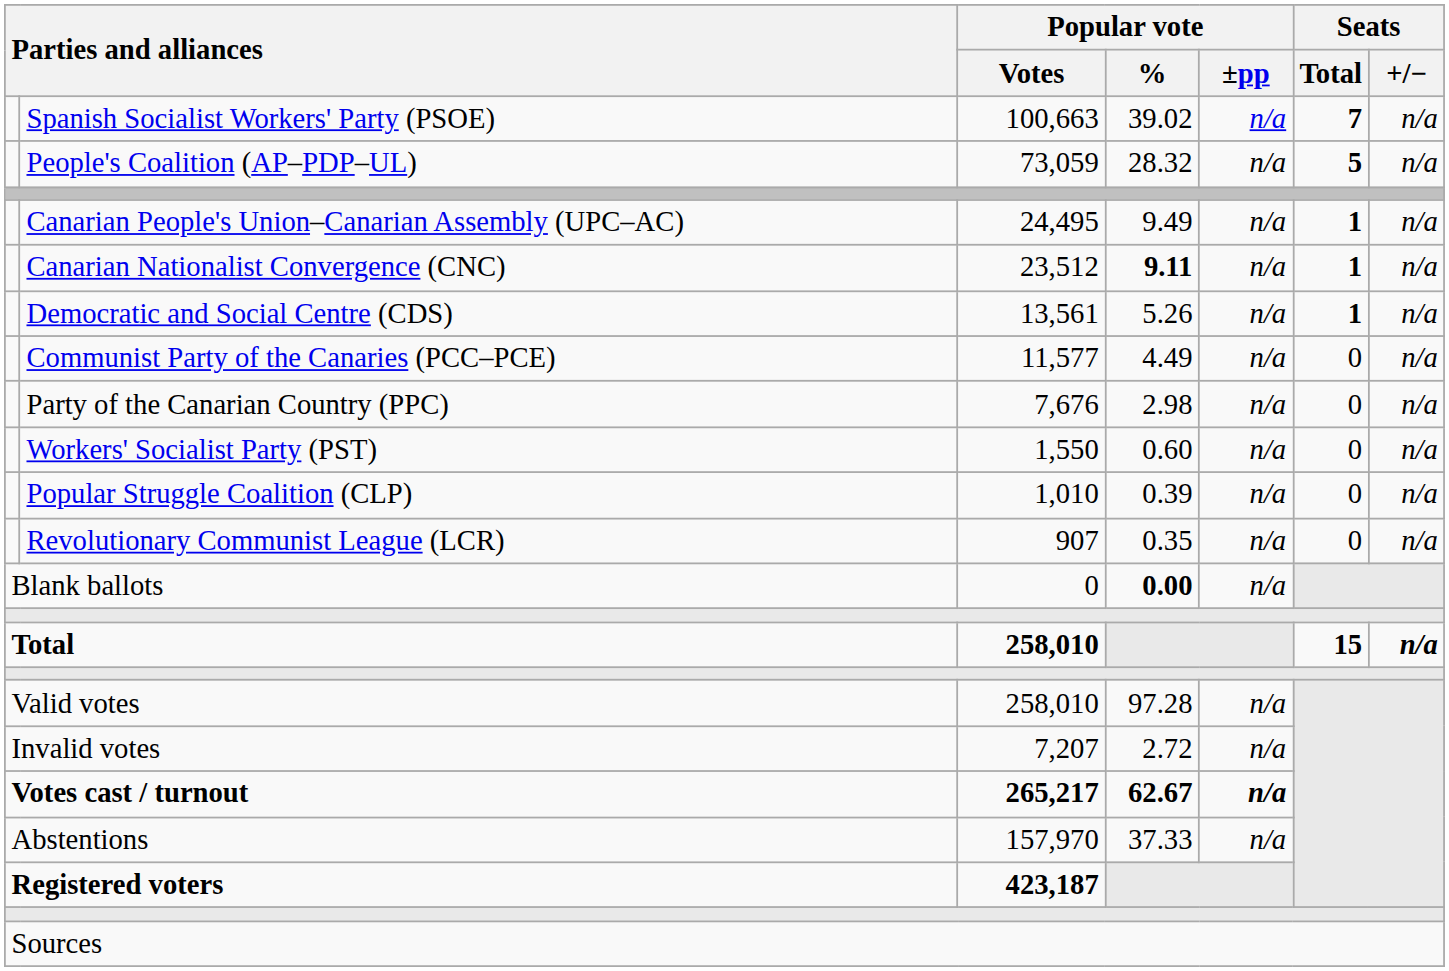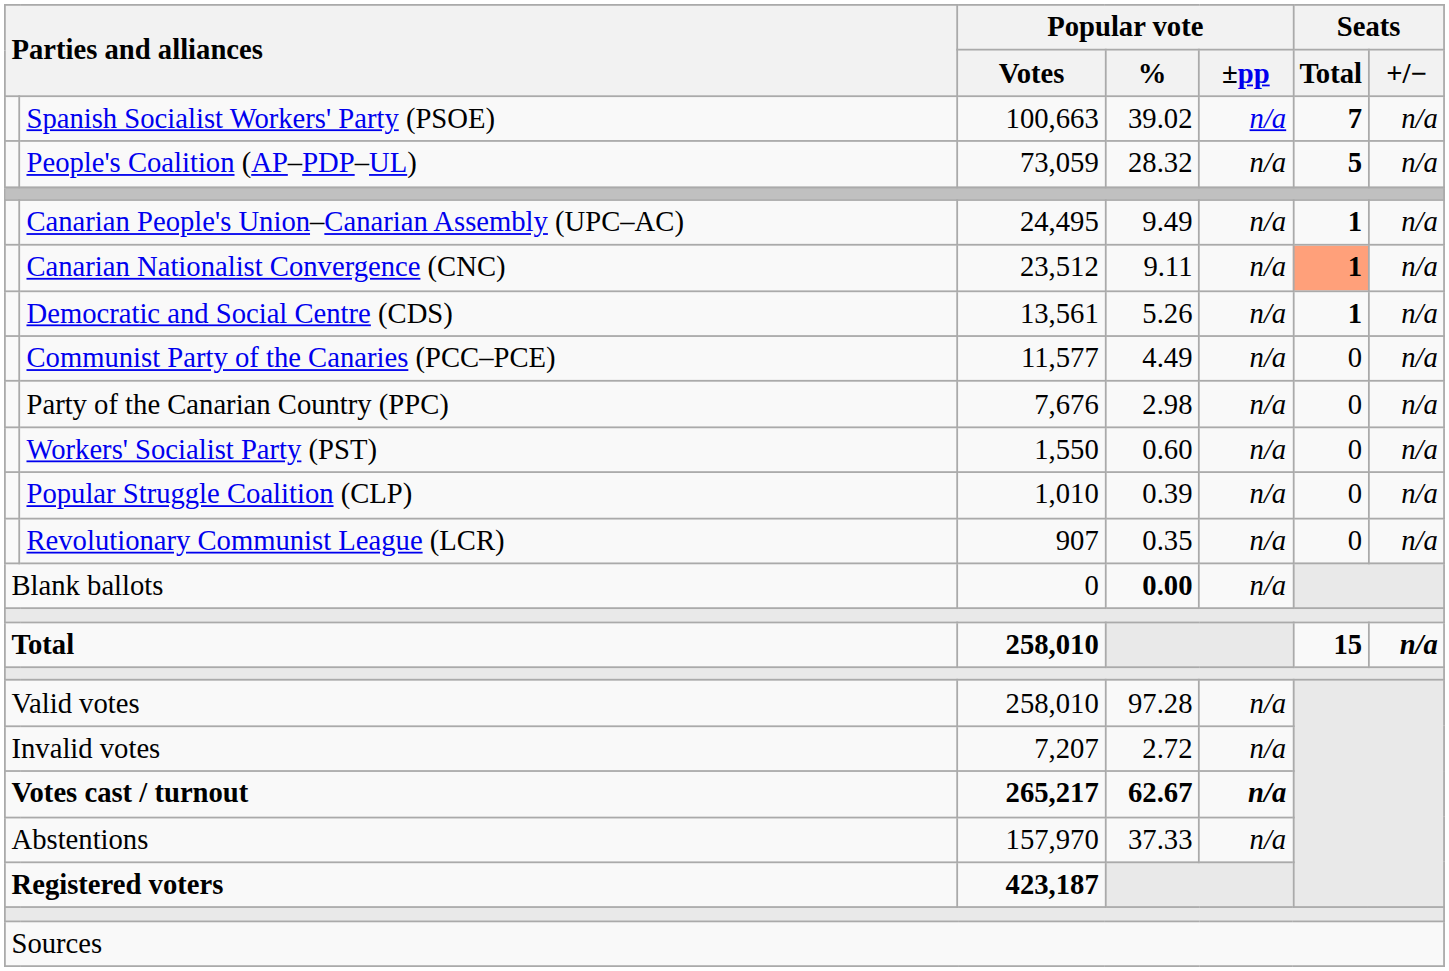 <table class="wikitable" style="text-align:right;">
 <tr>
 <th style="text-align:left;" rowspan="2" colspan="2" width="525">Parties and alliances</th>
 <th colspan="3">Popular vote</th>
 <th colspan="2">Seats</th>
 </tr>
 <tr>
 <th width="75">Votes</th>
 <th width="45">%</th>
 <th width="45">±<a href='#'>pp</a></th>
 <th width="35">Total</th>
 <th width="35">+/−</th>
 </tr>
 <tr>
 <td width="1" style="color:inherit;background:"></td>
 <td align="left"><a href='#'>Spanish Socialist Workers' Party</a> (PSOE)</td>
 <td>100,663</td>
 <td>39.02</td>
 <td><em><a href='#'>n/a</a></em></td>
 <td><strong>7</strong></td>
 <td><em>n/a</em></td>
 </tr>
 <tr>
 <td style="color:inherit;background:"></td>
 <td align="left"><a href='#'>People's Coalition</a> (<a href='#'>AP</a>–<a href='#'>PDP</a>–<a href='#'>UL</a>)</td>
 <td>73,059</td>
 <td>28.32</td>
 <td><em>n/a</em></td>
 <td><strong>5</strong></td>
 <td><em>n/a</em></td>
 </tr>
 <tr>
 <td colspan="7" bgcolor="#C0C0C0"></td>
 </tr>
 <tr>
 <td style="color:inherit;background:"></td>
 <td align="left"><a href='#'>Canarian People's Union</a>–<a href='#'>Canarian Assembly</a> (UPC–AC)</td>
 <td>24,495</td>
 <td>9.49</td>
 <td><em>n/a</em></td>
 <td><strong>1</strong></td>
 <td><em>n/a</em></td>
 </tr>
 <tr>
 <td style="color:inherit;background:"></td>
 <td align="left"><a href='#'>Canarian Nationalist Convergence</a> (CNC)</td>
 <td>23,512</td>
-<td><strong>9.11</strong></td>
+<td>9.11</td>
 <td><em>n/a</em></td>
-<td><strong>1</strong></td>
+<td style="background: lightsalmon;"><strong>1</strong></td>
 <td><em>n/a</em></td>
 </tr>
 <tr>
 <td style="color:inherit;background:"></td>
 <td align="left"><a href='#'>Democratic and Social Centre</a> (CDS)</td>
 <td>13,561</td>
 <td>5.26</td>
 <td><em>n/a</em></td>
 <td><strong>1</strong></td>
 <td><em>n/a</em></td>
 </tr>
 <tr>
 <td style="color:inherit;background:"></td>
 <td align="left"><a href='#'>Communist Party of the Canaries</a> (PCC–PCE)</td>
 <td>11,577</td>
 <td>4.49</td>
 <td><em>n/a</em></td>
 <td>0</td>
 <td><em>n/a</em></td>
 </tr>
 <tr>
 <td style="color:inherit;background:"></td>
 <td align="left">Party of the Canarian Country (PPC)</td>
 <td>7,676</td>
 <td>2.98</td>
 <td><em>n/a</em></td>
 <td>0</td>
 <td><em>n/a</em></td>
 </tr>
 <tr>
 <td style="color:inherit;background:"></td>
 <td align="left"><a href='#'>Workers' Socialist Party</a> (PST)</td>
 <td>1,550</td>
 <td>0.60</td>
 <td><em>n/a</em></td>
 <td>0</td>
 <td><em>n/a</em></td>
 </tr>
 <tr>
 <td style="color:inherit;background:"></td>
 <td align="left"><a href='#'>Popular Struggle Coalition</a> (CLP)</td>
 <td>1,010</td>
 <td>0.39</td>
 <td><em>n/a</em></td>
 <td>0</td>
 <td><em>n/a</em></td>
 </tr>
 <tr>
 <td style="color:inherit;background:"></td>
 <td align="left"><a href='#'>Revolutionary Communist League</a> (LCR)</td>
 <td>907</td>
 <td>0.35</td>
 <td><em>n/a</em></td>
 <td>0</td>
 <td><em>n/a</em></td>
 </tr>
 <tr>
 <td align="left" colspan="2">Blank ballots</td>
 <td>0</td>
 <td><strong>0.00</strong></td>
 <td><em>n/a</em></td>
 <td bgcolor="#E9E9E9" colspan="2"></td>
 </tr>
 <tr>
 <td colspan="7" bgcolor="#E9E9E9"></td>
 </tr>
 <tr style="font-weight:bold;">
 <td align="left" colspan="2">Total</td>
 <td>258,010</td>
 <td bgcolor="#E9E9E9" colspan="2"></td>
 <td>15</td>
 <td><em>n/a</em></td>
 </tr>
 <tr>
 <td colspan="7" bgcolor="#E9E9E9"></td>
 </tr>
 <tr>
 <td align="left" colspan="2">Valid votes</td>
 <td>258,010</td>
 <td>97.28</td>
 <td><em>n/a</em></td>
 <td bgcolor="#E9E9E9" colspan="2" rowspan="5"></td>
 </tr>
 <tr>
 <td align="left" colspan="2">Invalid votes</td>
 <td>7,207</td>
 <td>2.72</td>
 <td><em>n/a</em></td>
 </tr>
 <tr style="font-weight:bold;">
 <td align="left" colspan="2">Votes cast / turnout</td>
 <td>265,217</td>
 <td>62.67</td>
 <td><em>n/a</em></td>
 </tr>
 <tr>
 <td align="left" colspan="2">Abstentions</td>
 <td>157,970</td>
 <td>37.33</td>
 <td><em>n/a</em></td>
 </tr>
 <tr style="font-weight:bold;">
 <td align="left" colspan="2">Registered voters</td>
 <td>423,187</td>
 <td bgcolor="#E9E9E9" colspan="2"></td>
 </tr>
 <tr>
 <td colspan="7" bgcolor="#E9E9E9"></td>
 </tr>
 <tr>
 <td align="left" colspan="7">Sources</td>
 </tr>
 </table>
